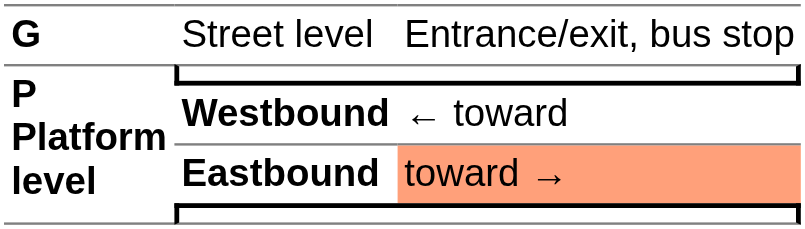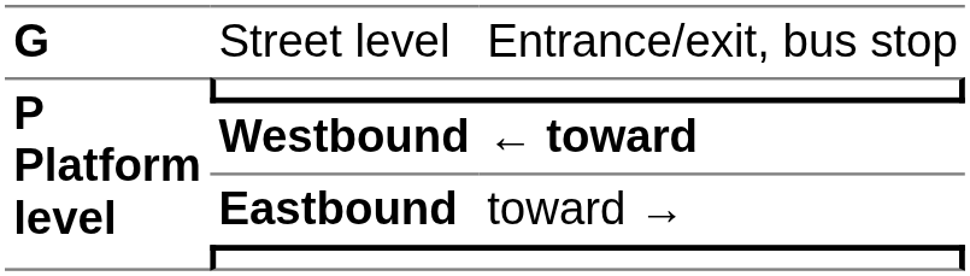 <table table border=0 cellspacing=0 cellpadding=3>
 <tr>
 <td style="border-top:solid 1px gray" width=50 valign=top><strong>G</strong></td>
 <td style="border-top:solid 1px gray" valign=top>Street level</td>
 <td style="border-top:solid 1px gray" valign=top>Entrance/exit, bus stop</td>
 </tr>
 <tr>
 <td style="border-top:solid 1px gray;border-bottom:solid 1px gray" width=50 rowspan=5 valign=top><strong>P <br>Platform level</strong></td>
 <td style="border-top:solid 1px gray;border-right:solid 2px black;border-left:solid 2px black;border-bottom:solid 2px black;text-align:center" colspan=2></td>
 </tr>
 <tr>
 <td style="border-bottom:solid 1px gray"><strong>Westbound</strong></td>
-<td style="border-bottom:solid 1px gray">←  toward  </td>
+<td style="border-bottom:solid 1px gray"><strong>←  toward  </strong></td>
 </tr>
 <tr>
 <td><strong>Eastbound</strong></td>
-<td style="background: lightsalmon;">  toward   →</td>
+<td>  toward   →</td>
 </tr>
 <tr>
 <td style="border-right:solid 2px black;border-left:solid 2px black;border-top:solid 2px black;border-bottom:solid 1px gray;text-align:center" colspan=2></td>
 </tr>
 </table>
